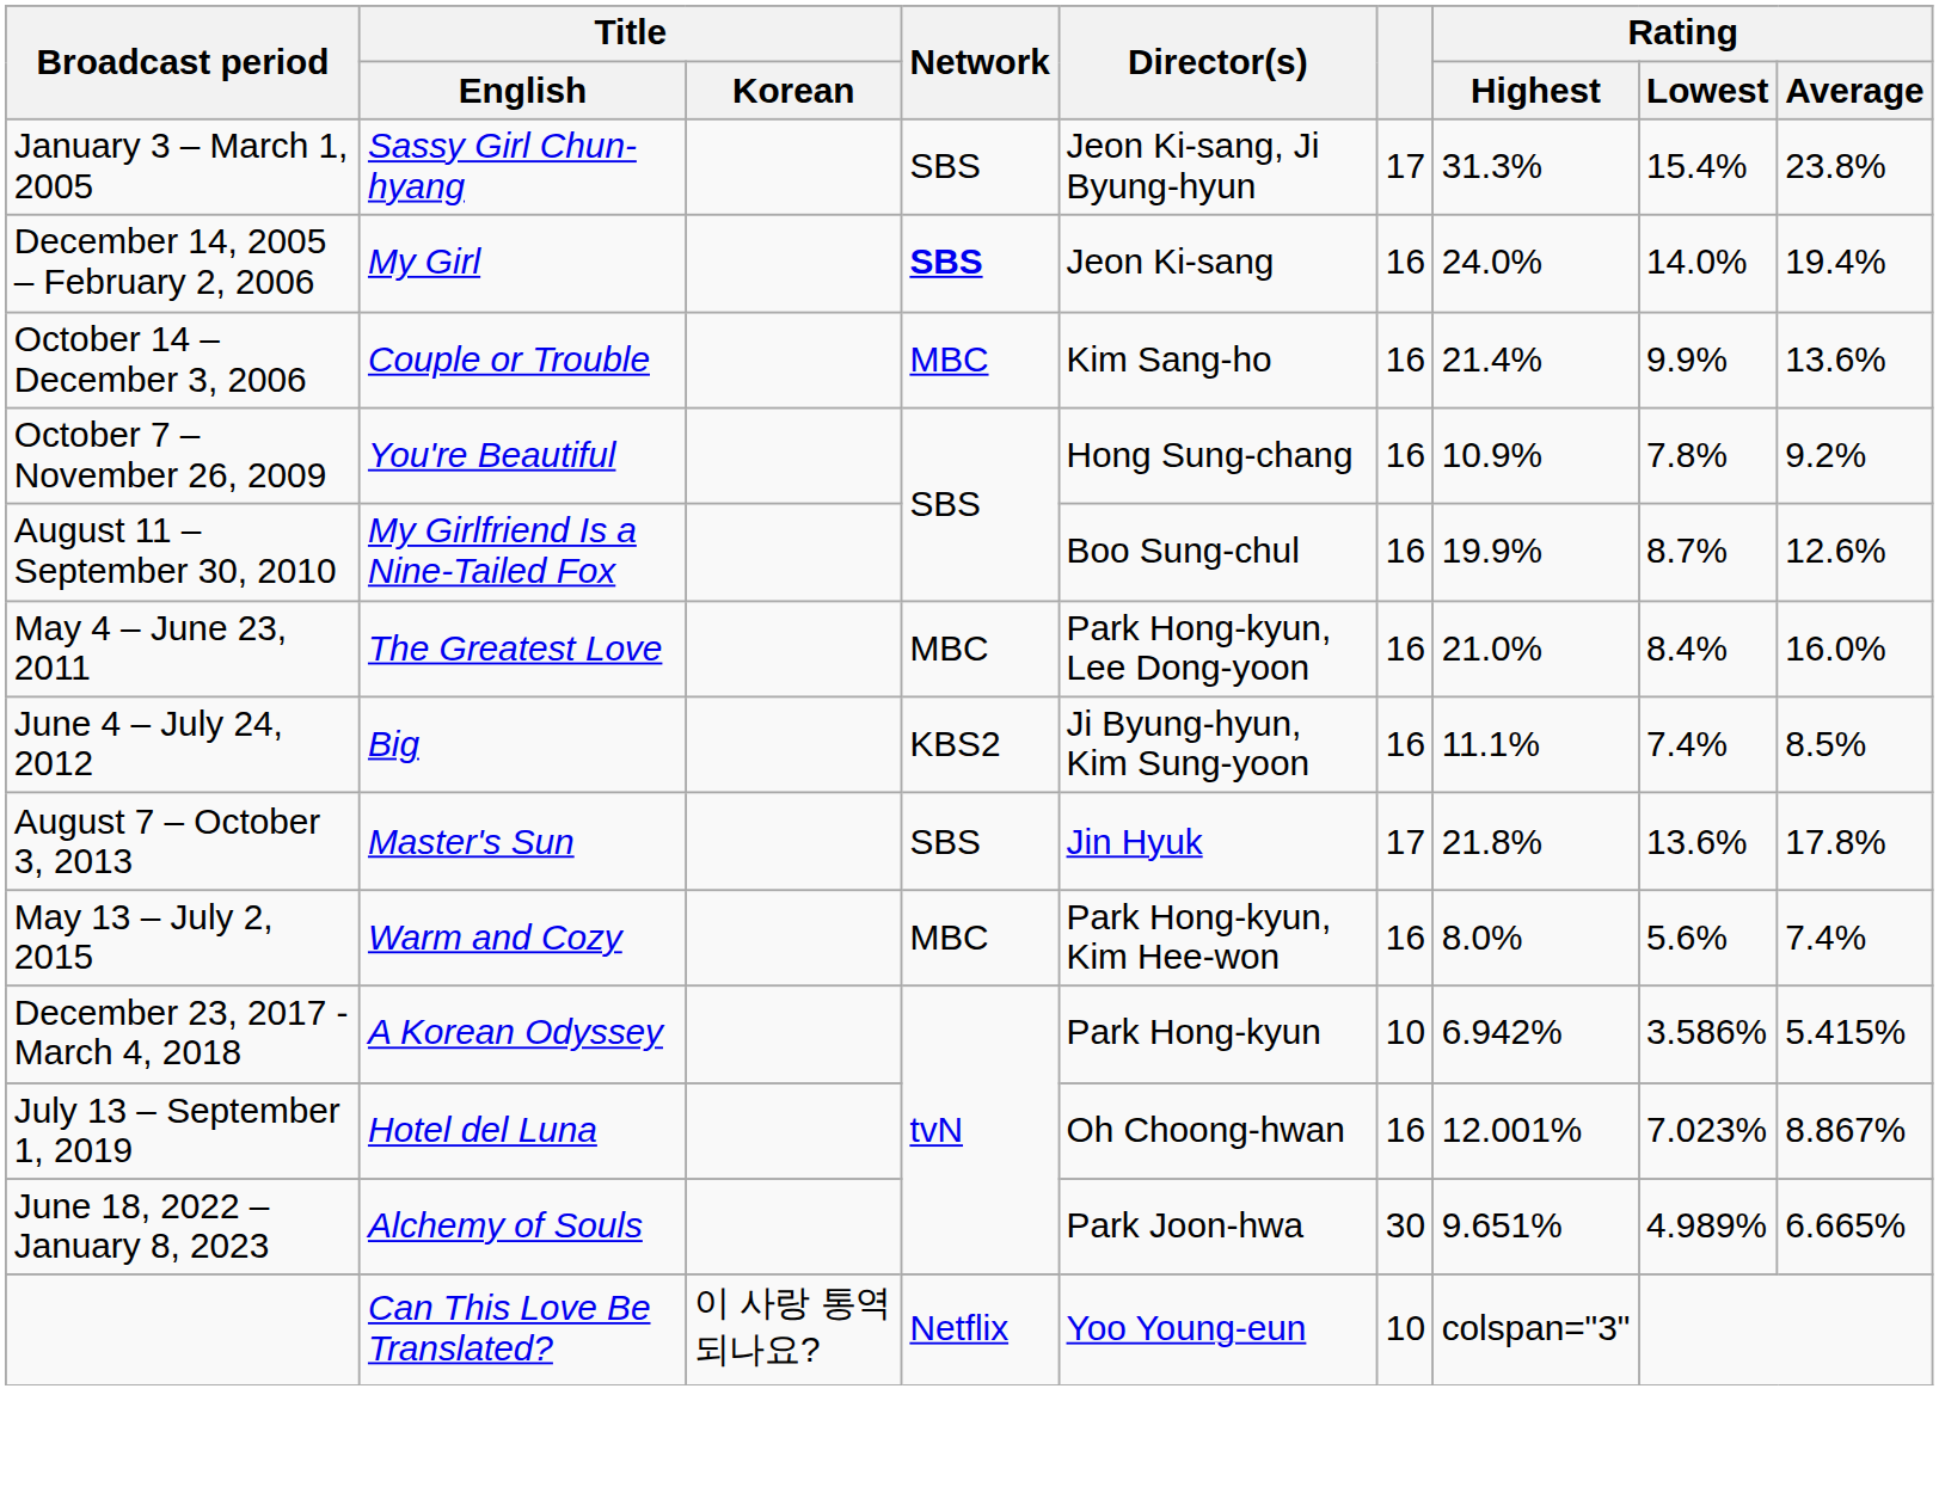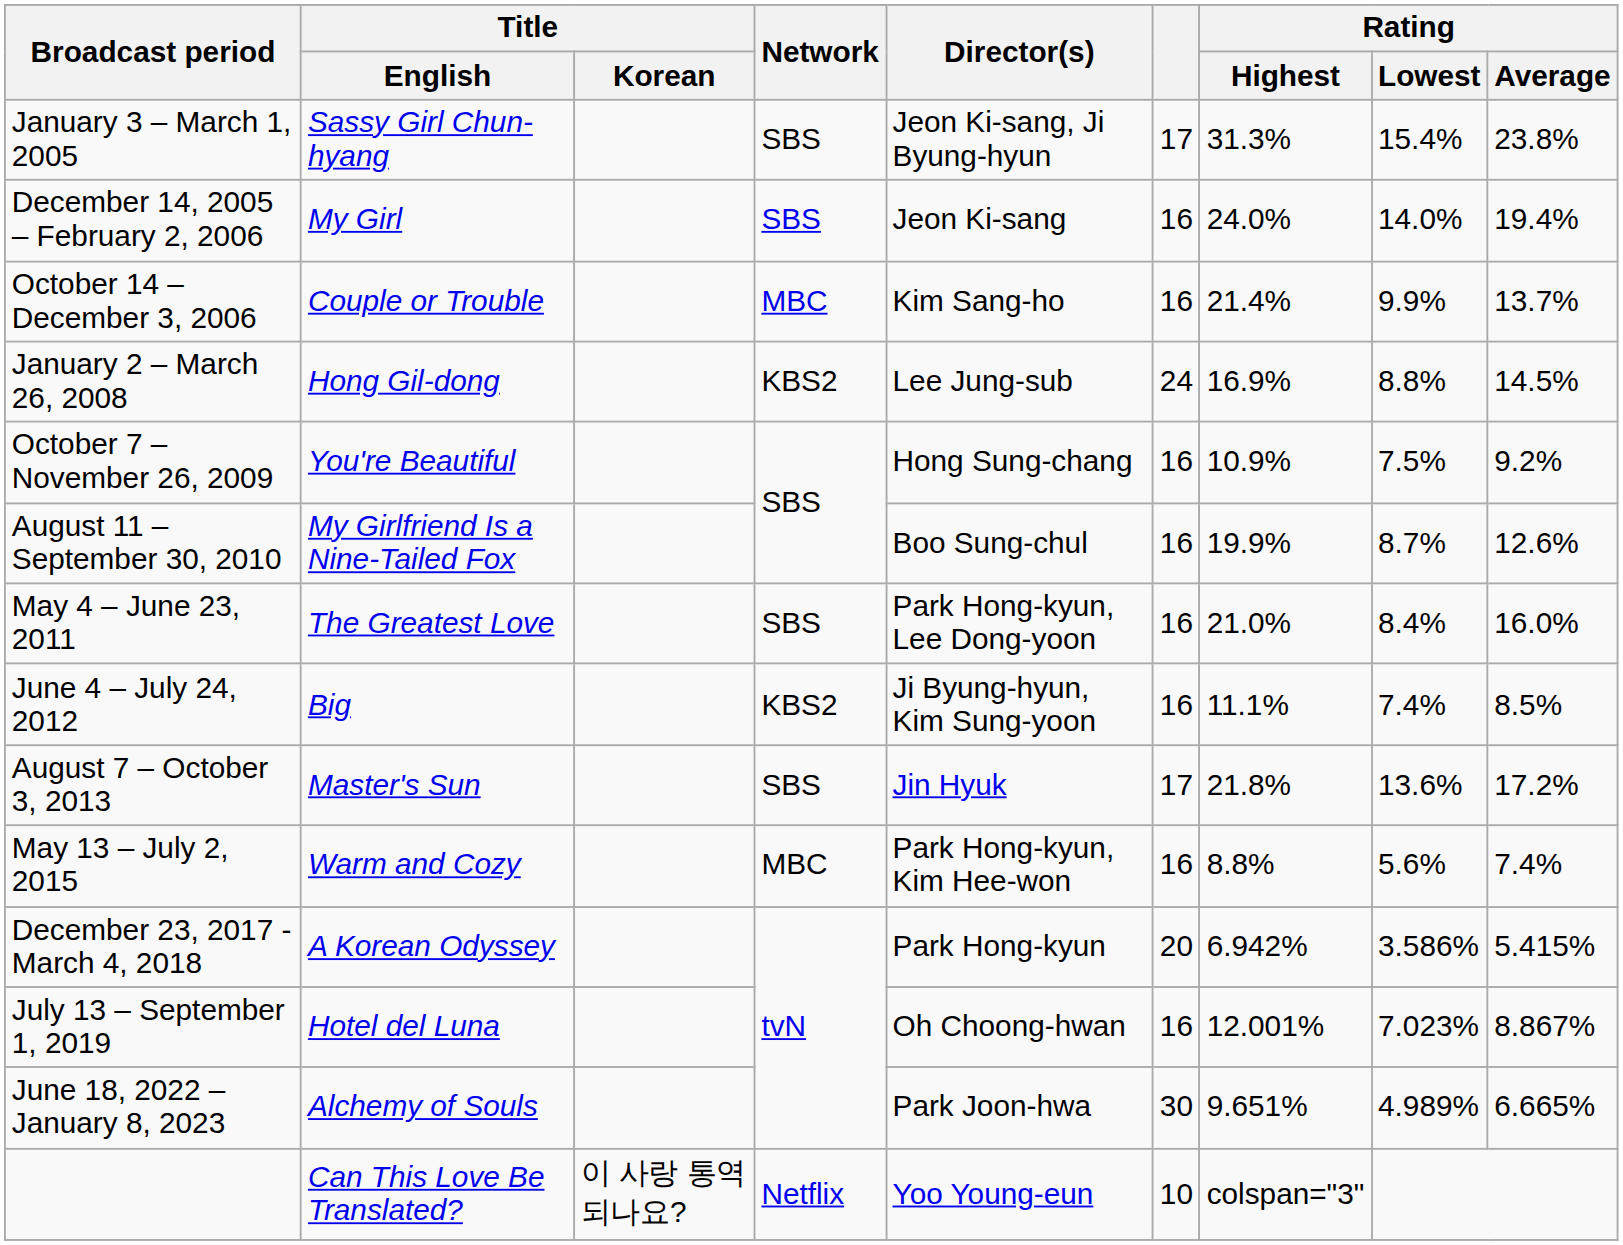 <table class="wikitable sortable" style="Left;">
 <tr>
 <th rowspan="2">Broadcast period</th>
 <th colspan="2">Title</th>
 <th rowspan="2">Network</th>
 <th rowspan="2">Director(s)</th>
 <th rowspan="2"></th>
 <th colspan="3">Rating</th>
 </tr>
 <tr>
 <th>English</th>
 <th>Korean</th>
 <th>Highest</th>
 <th>Lowest</th>
 <th>Average</th>
 </tr>
 <tr>
 <td>January 3 – March 1, 2005</td>
 <td><em><a href='#'>Sassy Girl Chun-hyang</a></em></td>
 <td></td>
 <td>SBS</td>
 <td>Jeon Ki-sang, Ji Byung-hyun</td>
 <td>17</td>
 <td>31.3%</td>
 <td>15.4%</td>
 <td>23.8%</td>
 </tr>
 <tr>
 <td>December 14, 2005 – February 2, 2006</td>
 <td><em><a href='#'>My Girl</a></em></td>
 <td></td>
-<td><strong><a href='#'>SBS</a></strong></td>
+<td><a href='#'>SBS</a></td>
 <td>Jeon Ki-sang</td>
 <td>16</td>
 <td>24.0%</td>
 <td>14.0%</td>
 <td>19.4%</td>
 </tr>
 <tr>
 <td>October 14 – December 3, 2006</td>
 <td><em><a href='#'>Couple or Trouble</a></em></td>
 <td></td>
 <td><a href='#'>MBC</a></td>
 <td>Kim Sang-ho</td>
 <td>16</td>
 <td>21.4%</td>
 <td>9.9%</td>
-<td>13.6%</td>
+<td>13.7%</td>
+</tr>
+<tr>
+<td>January 2 – March 26, 2008</td>
+<td><em><a href='#'>Hong Gil-dong</a></em></td>
+<td></td>
+<td>KBS2</td>
+<td>Lee Jung-sub</td>
+<td>24</td>
+<td>16.9%</td>
+<td>8.8%</td>
+<td>14.5%</td>
 </tr>
 <tr>
 <td>October 7 – November 26, 2009</td>
 <td><em><a href='#'>You're Beautiful</a></em></td>
 <td></td>
 <td rowspan="2">SBS</td>
 <td>Hong Sung-chang</td>
 <td>16</td>
 <td>10.9%</td>
-<td>7.8%</td>
+<td>7.5%</td>
 <td>9.2%</td>
 </tr>
 <tr>
 <td>August 11 – September 30, 2010</td>
 <td><em><a href='#'>My Girlfriend Is a Nine-Tailed Fox</a></em></td>
 <td></td>
 <td>Boo Sung-chul</td>
 <td>16</td>
 <td>19.9%</td>
 <td>8.7%</td>
 <td>12.6%</td>
 </tr>
 <tr>
 <td>May 4 – June 23, 2011</td>
 <td><em><a href='#'>The Greatest Love</a></em></td>
 <td></td>
-<td>MBC</td>
+<td>SBS</td>
 <td>Park Hong-kyun, Lee Dong-yoon</td>
 <td>16</td>
 <td>21.0%</td>
 <td>8.4%</td>
 <td>16.0%</td>
 </tr>
 <tr>
 <td>June 4 – July 24, 2012</td>
 <td><em><a href='#'>Big</a></em></td>
 <td></td>
 <td>KBS2</td>
 <td>Ji Byung-hyun, Kim Sung-yoon</td>
 <td>16</td>
 <td>11.1%</td>
 <td>7.4%</td>
 <td>8.5%</td>
 </tr>
 <tr>
 <td>August 7 – October 3, 2013</td>
 <td><em><a href='#'>Master's Sun</a></em></td>
 <td></td>
 <td>SBS</td>
 <td><a href='#'>Jin Hyuk</a></td>
 <td>17</td>
 <td>21.8%</td>
 <td>13.6%</td>
-<td>17.8%</td>
+<td>17.2%</td>
 </tr>
 <tr>
 <td>May 13 – July 2, 2015</td>
 <td><em><a href='#'>Warm and Cozy</a></em></td>
 <td></td>
 <td>MBC</td>
 <td>Park Hong-kyun, Kim Hee-won</td>
 <td>16</td>
-<td>8.0%</td>
+<td>8.8%</td>
 <td>5.6%</td>
 <td>7.4%</td>
 </tr>
 <tr>
 <td>December 23, 2017 - March 4, 2018</td>
 <td><em><a href='#'>A Korean Odyssey</a></em></td>
 <td></td>
 <td rowspan="3"><a href='#'>tvN</a></td>
 <td>Park Hong-kyun</td>
-<td>10</td>
+<td>20</td>
 <td>6.942%</td>
 <td>3.586%</td>
 <td>5.415%</td>
 </tr>
 <tr>
 <td>July 13 – September 1, 2019</td>
 <td><em><a href='#'>Hotel del Luna</a></em></td>
 <td></td>
 <td>Oh Choong-hwan</td>
 <td>16</td>
 <td>12.001%</td>
 <td>7.023%</td>
 <td>8.867%</td>
 </tr>
 <tr>
 <td>June 18, 2022 – January 8, 2023</td>
 <td><em><a href='#'>Alchemy of Souls</a></em></td>
 <td></td>
 <td>Park Joon-hwa</td>
 <td>30</td>
 <td>9.651%</td>
 <td>4.989%</td>
 <td>6.665%</td>
 </tr>
 <tr>
 <td></td>
 <td><em><a href='#'>Can This Love Be Translated?</a></em></td>
 <td>이 사랑 통역 되나요?</td>
 <td><a href='#'>Netflix</a></td>
 <td><a href='#'>Yoo Young-eun</a></td>
 <td>10</td>
 <td>colspan="3" </td>
 </tr>
 </table>
